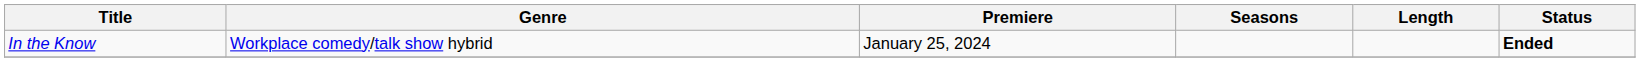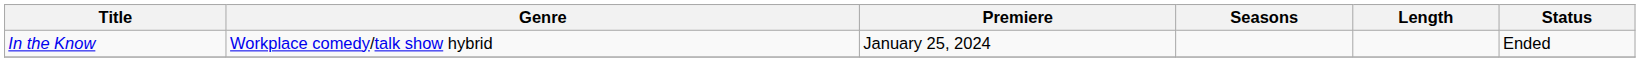 <table class="wikitable sortable" style="width:100%;">
 <tr>
 <th>Title</th>
 <th>Genre</th>
 <th>Premiere</th>
 <th>Seasons</th>
 <th>Length</th>
 <th>Status</th>
 </tr>
 <tr>
 <td><em><a href='#'>In the Know</a></em></td>
 <td><a href='#'>Workplace comedy</a>/<a href='#'>talk show</a> hybrid</td>
 <td>January 25, 2024</td>
 <td></td>
 <td></td>
-<td><strong>Ended</strong></td>
+<td>Ended</td>
 </tr>
 <tr>
 </tr>
 </table>
